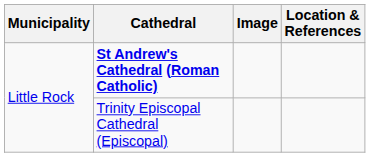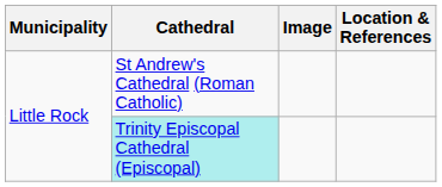 <table width=65% class="wikitable">
 <tr>
 <th width = 10%>Municipality</th>
 <th width = 40%>Cathedral</th>
 <th width = 5%>Image</th>
 <th width = 10%>Location & References</th>
 </tr>
 <tr>
 <td rowspan=2><a href='#'>Little Rock</a></td>
-<td><strong><a href='#'>St Andrew's Cathedral</a> <a href='#'>(Roman Catholic)</a></strong></td>
+<td><a href='#'>St Andrew's Cathedral</a> <a href='#'>(Roman Catholic)</a></td>
 <td></td>
 <td><small></small><br></td>
 </tr>
 <tr>
-<td><a href='#'>Trinity Episcopal Cathedral</a> <a href='#'>(Episcopal)</a></td>
+<td style="background: paleturquoise;"><a href='#'>Trinity Episcopal Cathedral</a> <a href='#'>(Episcopal)</a></td>
 <td></td>
 <td><small></small><br></td>
 </tr>
 </table>
